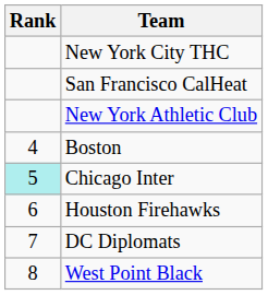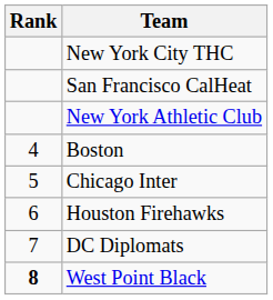 <table class="wikitable">
 <tr>
 <th>Rank</th>
 <th>Team</th>
 </tr>
 <tr>
 <td align=center></td>
 <td align="left">New York City THC</td>
 </tr>
 <tr>
 <td align=center></td>
 <td align="left">San Francisco CalHeat</td>
 </tr>
 <tr>
 <td align=center></td>
 <td align="left"><a href='#'>New York Athletic Club</a></td>
 </tr>
 <tr>
 <td align=center>4</td>
 <td align="left">Boston</td>
 </tr>
 <tr>
-<td align=center style="background: paleturquoise;">5</td>
+<td align=center>5</td>
 <td align="left">Chicago Inter</td>
 </tr>
 <tr>
 <td align=center>6</td>
 <td align="left">Houston Firehawks</td>
 </tr>
 <tr>
 <td align=center>7</td>
 <td align="left">DC Diplomats</td>
 </tr>
 <tr>
-<td align=center>8</td>
+<td align=center><strong>8</strong></td>
 <td align="left"><a href='#'>West Point Black</a></td>
 </tr>
 </table>
